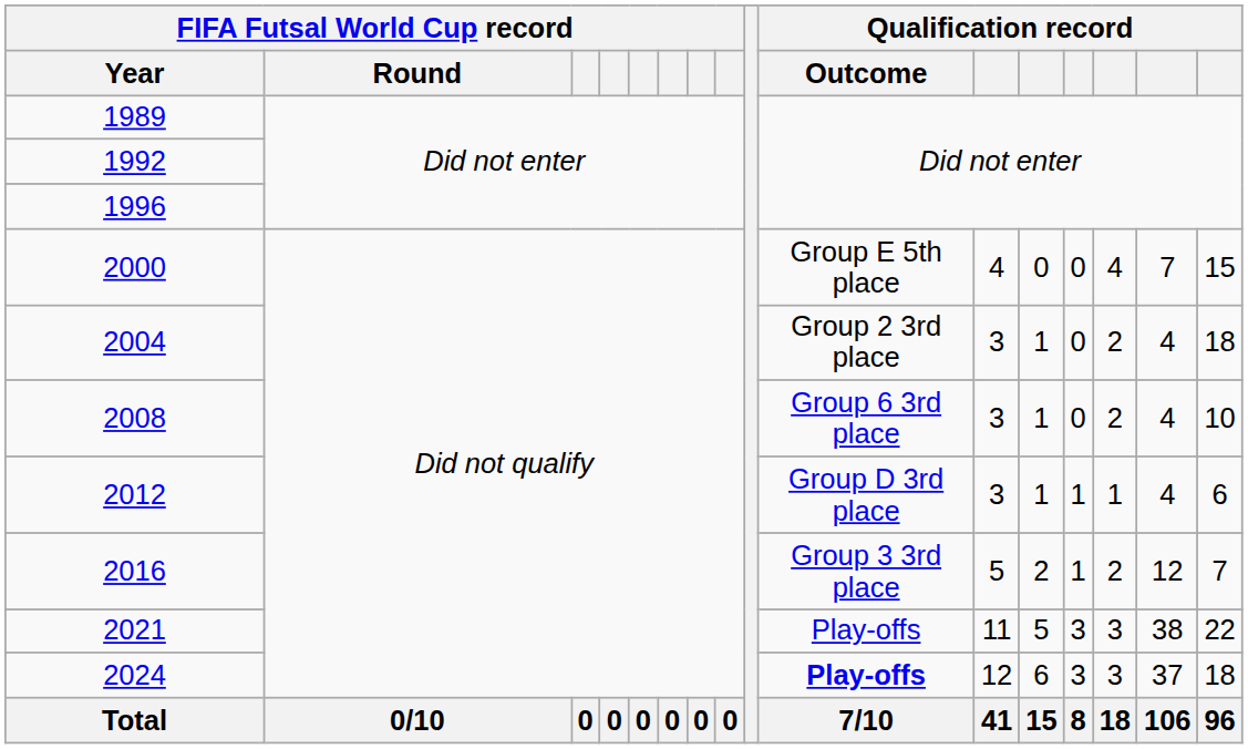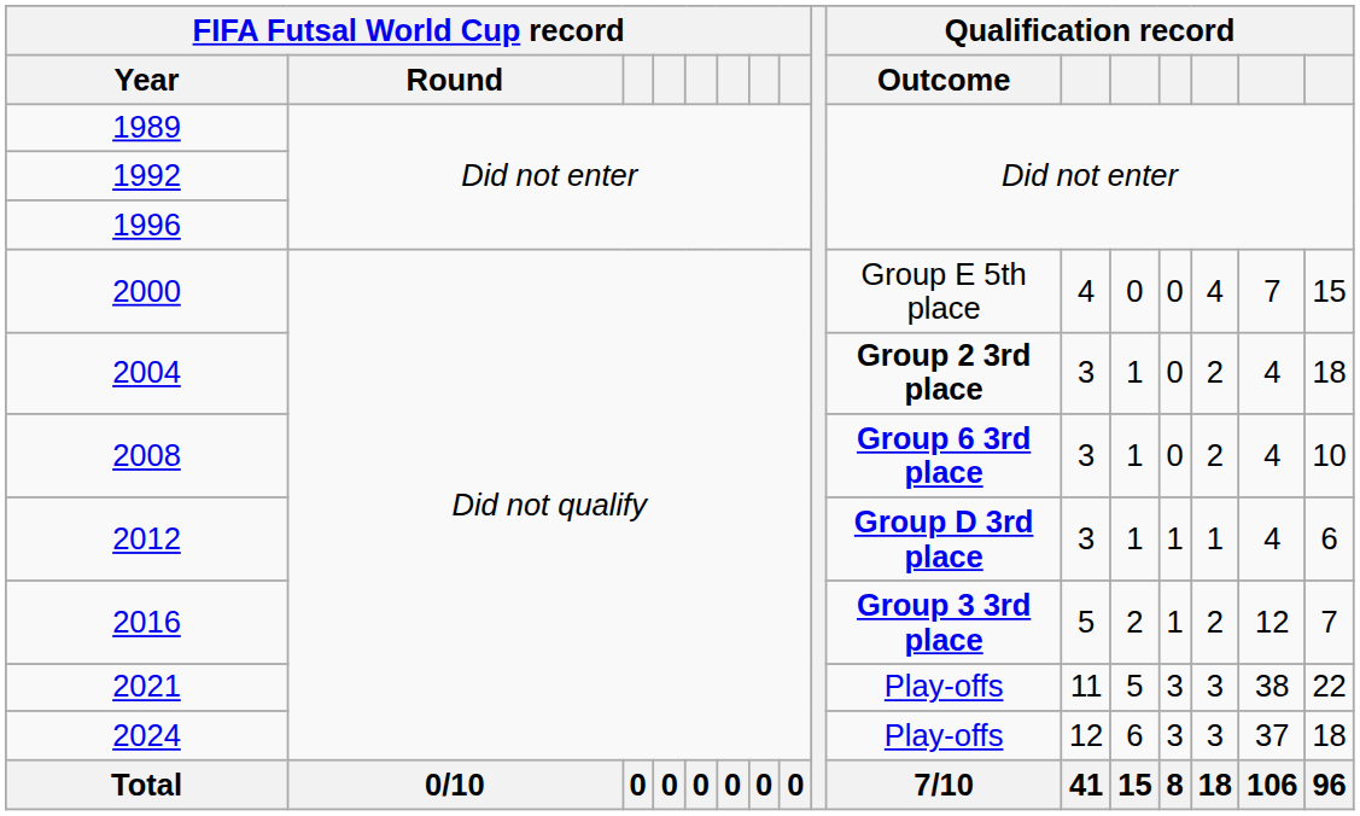 <table class="wikitable" width=50% style="text-align: center;font-size:90%;">
 <tr>
 <th colspan=8><a href='#'>FIFA Futsal World Cup</a> record</th>
 <th width=1% rowspan=13></th>
 <th colspan=7>Qualification record</th>
 </tr>
 <tr>
 <th width=125px>Year</th>
 <th width=150px>Round</th>
 <th></th>
 <th></th>
 <th></th>
 <th></th>
 <th></th>
 <th></th>
 <th>Outcome</th>
 <th></th>
 <th></th>
 <th></th>
 <th></th>
 <th></th>
 <th></th>
 </tr>
 <tr>
 <td> <a href='#'>1989</a></td>
 <td colspan=7 rowspan=3><em>Did not enter</em></td>
 <td colspan=7 rowspan=3><em>Did not enter</em></td>
 </tr>
 <tr - bgcolor=>
 <td> <a href='#'>1992</a></td>
 </tr>
 <tr - bgcolor=>
 <td> <a href='#'>1996</a></td>
 </tr>
 <tr - bgcolor=>
 <td> <a href='#'>2000</a></td>
 <td colspan=7 rowspan=7><em>Did not qualify</em></td>
 <td>Group E 5th place</td>
 <td>4</td>
 <td>0</td>
 <td>0</td>
 <td>4</td>
 <td>7</td>
 <td>15</td>
 </tr>
 <tr - bgcolor=>
 <td> <a href='#'>2004</a></td>
-<td>Group 2 3rd place</td>
+<td><strong>Group 2 3rd place</strong></td>
 <td>3</td>
 <td>1</td>
 <td>0</td>
 <td>2</td>
 <td>4</td>
 <td>18</td>
 </tr>
 <tr - bgcolor=>
 <td> <a href='#'>2008</a></td>
-<td><a href='#'>Group 6 3rd place</a></td>
+<td><strong><a href='#'>Group 6 3rd place</a></strong></td>
 <td>3</td>
 <td>1</td>
 <td>0</td>
 <td>2</td>
 <td>4</td>
 <td>10</td>
 </tr>
 <tr - bgcolor=>
 <td> <a href='#'>2012</a></td>
-<td><a href='#'>Group D 3rd place</a></td>
+<td><strong><a href='#'>Group D 3rd place</a></strong></td>
 <td>3</td>
 <td>1</td>
 <td>1</td>
 <td>1</td>
 <td>4</td>
 <td>6</td>
 </tr>
 <tr - bgcolor=>
 <td> <a href='#'>2016</a></td>
-<td><a href='#'>Group 3 3rd place</a></td>
+<td><strong><a href='#'>Group 3 3rd place</a></strong></td>
 <td>5</td>
 <td>2</td>
 <td>1</td>
 <td>2</td>
 <td>12</td>
 <td>7</td>
 </tr>
 <tr - bgcolor=>
 <td> <a href='#'>2021</a></td>
 <td><a href='#'>Play-offs</a></td>
 <td>11</td>
 <td>5</td>
 <td>3</td>
 <td>3</td>
 <td>38</td>
 <td>22</td>
 </tr>
 <tr - bgcolor=>
 <td> <a href='#'>2024</a></td>
-<td><strong><a href='#'>Play-offs</a></strong></td>
+<td><a href='#'>Play-offs</a></td>
 <td>12</td>
 <td>6</td>
 <td>3</td>
 <td>3</td>
 <td>37</td>
 <td>18</td>
 </tr>
 <tr>
 <th><strong>Total</strong></th>
 <th>0/10</th>
 <th>0</th>
 <th>0</th>
 <th>0</th>
 <th>0</th>
 <th>0</th>
 <th>0</th>
 <th>7/10</th>
 <th>41</th>
 <th>15</th>
 <th>8</th>
 <th>18</th>
 <th>106</th>
 <th>96</th>
 </tr>
 </table>
